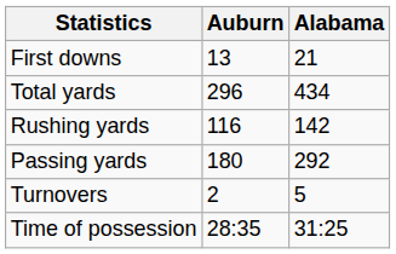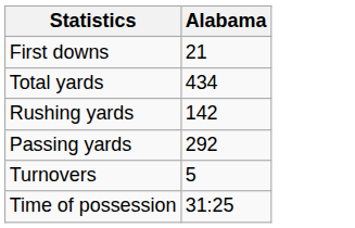 <table class="wikitable" style="float: left;">
 <tr>
 <th>Statistics</th>
-<th style=>Auburn</th>
 <th>Alabama</th>
 </tr>
 <tr>
 <td>First downs</td>
-<td>13</td>
 <td>21</td>
 </tr>
 <tr>
 <td>Total yards</td>
-<td>296</td>
 <td>434</td>
 </tr>
 <tr>
 <td>Rushing yards</td>
-<td>116</td>
 <td>142</td>
 </tr>
 <tr>
 <td>Passing yards</td>
-<td>180</td>
 <td>292</td>
 </tr>
 <tr>
 <td>Turnovers</td>
-<td>2</td>
 <td>5</td>
 </tr>
 <tr>
 <td>Time of possession</td>
-<td>28:35</td>
 <td>31:25</td>
 </tr>
 </table>
